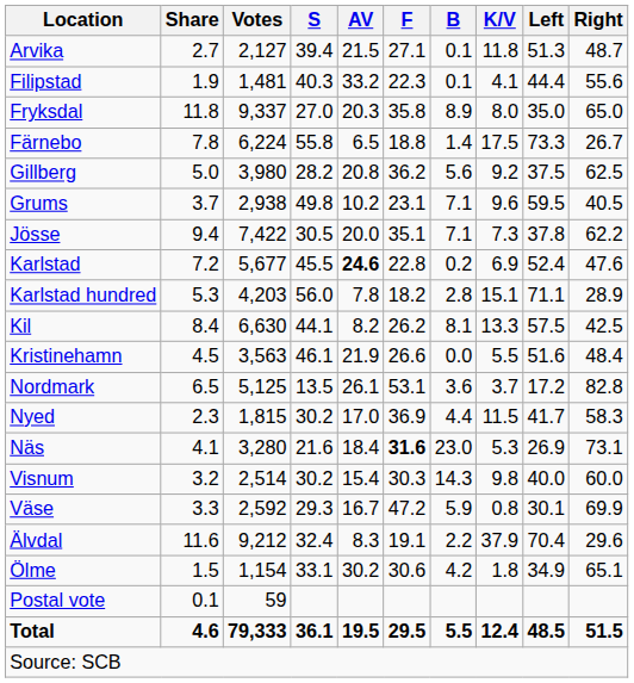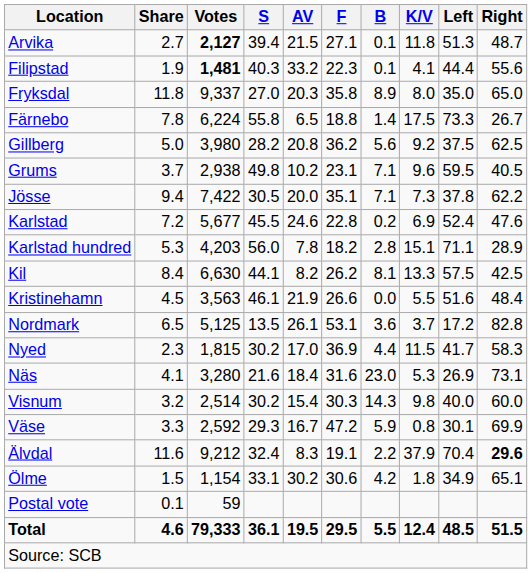 <table class="wikitable sortable" style=text-align:right>
 <tr>
 <th>Location</th>
 <th>Share</th>
 <th>Votes</th>
 <th><a href='#'>S</a></th>
 <th><a href='#'>AV</a></th>
 <th><a href='#'>F</a></th>
 <th><a href='#'>B</a></th>
 <th><a href='#'>K/V</a></th>
 <th>Left</th>
 <th>Right</th>
 </tr>
 <tr>
 <td align=left><a href='#'>Arvika</a></td>
 <td>2.7</td>
-<td>2,127</td>
+<td><strong>2,127</strong></td>
 <td>39.4</td>
 <td>21.5</td>
 <td>27.1</td>
 <td>0.1</td>
 <td>11.8</td>
 <td>51.3</td>
 <td>48.7</td>
 </tr>
 <tr>
 <td align=left><a href='#'>Filipstad</a></td>
 <td>1.9</td>
-<td>1,481</td>
+<td><strong>1,481</strong></td>
 <td>40.3</td>
 <td>33.2</td>
 <td>22.3</td>
 <td>0.1</td>
 <td>4.1</td>
 <td>44.4</td>
 <td>55.6</td>
 </tr>
 <tr>
 <td align=left><a href='#'>Fryksdal</a></td>
 <td>11.8</td>
 <td>9,337</td>
 <td>27.0</td>
 <td>20.3</td>
 <td>35.8</td>
 <td>8.9</td>
 <td>8.0</td>
 <td>35.0</td>
 <td>65.0</td>
 </tr>
 <tr>
 <td align=left><a href='#'>Färnebo</a></td>
 <td>7.8</td>
 <td>6,224</td>
 <td>55.8</td>
 <td>6.5</td>
 <td>18.8</td>
 <td>1.4</td>
 <td>17.5</td>
 <td>73.3</td>
 <td>26.7</td>
 </tr>
 <tr>
 <td align=left><a href='#'>Gillberg</a></td>
 <td>5.0</td>
 <td>3,980</td>
 <td>28.2</td>
 <td>20.8</td>
 <td>36.2</td>
 <td>5.6</td>
 <td>9.2</td>
 <td>37.5</td>
 <td>62.5</td>
 </tr>
 <tr>
 <td align=left><a href='#'>Grums</a></td>
 <td>3.7</td>
 <td>2,938</td>
 <td>49.8</td>
 <td>10.2</td>
 <td>23.1</td>
 <td>7.1</td>
 <td>9.6</td>
 <td>59.5</td>
 <td>40.5</td>
 </tr>
 <tr>
 <td align=left><a href='#'>Jösse</a></td>
 <td>9.4</td>
 <td>7,422</td>
 <td>30.5</td>
 <td>20.0</td>
 <td>35.1</td>
 <td>7.1</td>
 <td>7.3</td>
 <td>37.8</td>
 <td>62.2</td>
 </tr>
 <tr>
 <td align=left><a href='#'>Karlstad</a></td>
 <td>7.2</td>
 <td>5,677</td>
 <td>45.5</td>
-<td><strong>24.6</strong></td>
+<td>24.6</td>
 <td>22.8</td>
 <td>0.2</td>
 <td>6.9</td>
 <td>52.4</td>
 <td>47.6</td>
 </tr>
 <tr>
 <td align=left><a href='#'>Karlstad hundred</a></td>
 <td>5.3</td>
 <td>4,203</td>
 <td>56.0</td>
 <td>7.8</td>
 <td>18.2</td>
 <td>2.8</td>
 <td>15.1</td>
 <td>71.1</td>
 <td>28.9</td>
 </tr>
 <tr>
 <td align=left><a href='#'>Kil</a></td>
 <td>8.4</td>
 <td>6,630</td>
 <td>44.1</td>
 <td>8.2</td>
 <td>26.2</td>
 <td>8.1</td>
 <td>13.3</td>
 <td>57.5</td>
 <td>42.5</td>
 </tr>
 <tr>
 <td align=left><a href='#'>Kristinehamn</a></td>
 <td>4.5</td>
 <td>3,563</td>
 <td>46.1</td>
 <td>21.9</td>
 <td>26.6</td>
 <td>0.0</td>
 <td>5.5</td>
 <td>51.6</td>
 <td>48.4</td>
 </tr>
 <tr>
 <td align=left><a href='#'>Nordmark</a></td>
 <td>6.5</td>
 <td>5,125</td>
 <td>13.5</td>
 <td>26.1</td>
 <td>53.1</td>
 <td>3.6</td>
 <td>3.7</td>
 <td>17.2</td>
 <td>82.8</td>
 </tr>
 <tr>
 <td align=left><a href='#'>Nyed</a></td>
 <td>2.3</td>
 <td>1,815</td>
 <td>30.2</td>
 <td>17.0</td>
 <td>36.9</td>
 <td>4.4</td>
 <td>11.5</td>
 <td>41.7</td>
 <td>58.3</td>
 </tr>
 <tr>
 <td align=left><a href='#'>Näs</a></td>
 <td>4.1</td>
 <td>3,280</td>
 <td>21.6</td>
 <td>18.4</td>
-<td><strong>31.6</strong></td>
+<td>31.6</td>
 <td>23.0</td>
 <td>5.3</td>
 <td>26.9</td>
 <td>73.1</td>
 </tr>
 <tr>
 <td align=left><a href='#'>Visnum</a></td>
 <td>3.2</td>
 <td>2,514</td>
 <td>30.2</td>
 <td>15.4</td>
 <td>30.3</td>
 <td>14.3</td>
 <td>9.8</td>
 <td>40.0</td>
 <td>60.0</td>
 </tr>
 <tr>
 <td align=left><a href='#'>Väse</a></td>
 <td>3.3</td>
 <td>2,592</td>
 <td>29.3</td>
 <td>16.7</td>
 <td>47.2</td>
 <td>5.9</td>
 <td>0.8</td>
 <td>30.1</td>
 <td>69.9</td>
 </tr>
 <tr>
 <td align=left><a href='#'>Älvdal</a></td>
 <td>11.6</td>
 <td>9,212</td>
 <td>32.4</td>
 <td>8.3</td>
 <td>19.1</td>
 <td>2.2</td>
 <td>37.9</td>
 <td>70.4</td>
-<td>29.6</td>
+<td><strong>29.6</strong></td>
 </tr>
 <tr>
 <td align=left><a href='#'>Ölme</a></td>
 <td>1.5</td>
 <td>1,154</td>
 <td>33.1</td>
 <td>30.2</td>
 <td>30.6</td>
 <td>4.2</td>
 <td>1.8</td>
 <td>34.9</td>
 <td>65.1</td>
 </tr>
 <tr>
 <td align=left><a href='#'>Postal vote</a></td>
 <td>0.1</td>
 <td>59</td>
 <td></td>
 <td></td>
 <td></td>
 <td></td>
 <td></td>
 <td></td>
 <td></td>
 </tr>
 <tr>
 <td align=left><strong>Total</strong></td>
 <td><strong>4.6</strong></td>
 <td><strong>79,333</strong></td>
 <td><strong>36.1</strong></td>
 <td><strong>19.5</strong></td>
 <td><strong>29.5</strong></td>
 <td><strong>5.5</strong></td>
 <td><strong>12.4</strong></td>
 <td><strong>48.5</strong></td>
 <td><strong>51.5</strong></td>
 </tr>
 <tr>
 <td align=left colspan=10>Source: SCB </td>
 </tr>
 </table>
